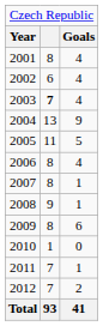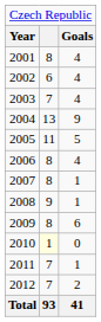 <table class="wikitable" style="text-align:center">
 <tr>
 <td colspan="3"><a href='#'>Czech Republic</a></td>
 </tr>
 <tr>
 <th>Year</th>
 <th></th>
 <th>Goals</th>
 </tr>
 <tr>
 <td>2001</td>
 <td>8</td>
 <td>4</td>
 </tr>
 <tr>
 <td>2002</td>
 <td>6</td>
 <td>4</td>
 </tr>
 <tr>
 <td>2003</td>
-<td><strong>7</strong></td>
+<td>7</td>
 <td>4</td>
 </tr>
 <tr>
 <td>2004</td>
 <td>13</td>
 <td>9</td>
 </tr>
 <tr>
 <td>2005</td>
 <td>11</td>
 <td>5</td>
 </tr>
 <tr>
 <td>2006</td>
 <td>8</td>
 <td>4</td>
 </tr>
 <tr>
 <td>2007</td>
 <td>8</td>
 <td>1</td>
 </tr>
 <tr>
 <td>2008</td>
 <td>9</td>
 <td>1</td>
 </tr>
 <tr>
 <td>2009</td>
 <td>8</td>
 <td>6</td>
 </tr>
 <tr>
 <td>2010</td>
-<td>1</td>
+<td style="background: lightyellow;">1</td>
 <td>0</td>
 </tr>
 <tr>
 <td>2011</td>
 <td>7</td>
 <td>1</td>
 </tr>
 <tr>
 <td>2012</td>
 <td>7</td>
 <td>2</td>
 </tr>
 <tr>
 <th>Total</th>
 <th>93</th>
 <th>41</th>
 </tr>
 </table>
